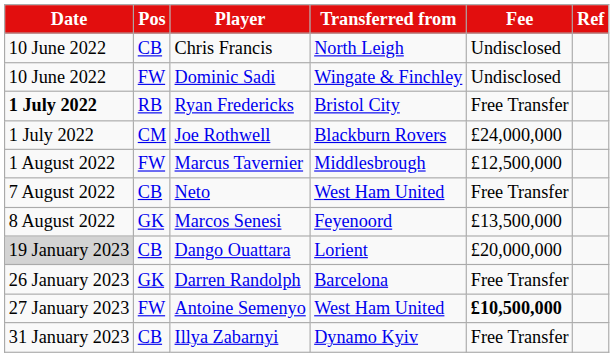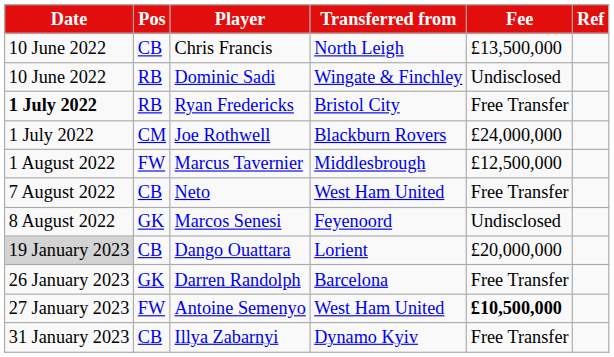 <table class="wikitable plainrowheaders sortable">
 <tr>
 <th style="background:#e20e0e; color:#ffffff; ">Date</th>
 <th style="background:#e20e0e; color:#ffffff; ">Pos</th>
 <th style="background:#e20e0e; color:#ffffff; ">Player</th>
 <th style="background:#e20e0e; color:#ffffff; ">Transferred from</th>
 <th style="background:#e20e0e; color:#ffffff; ">Fee</th>
 <th style="background:#e20e0e; color:#ffffff; ">Ref</th>
 </tr>
 <tr>
 <td>10 June 2022</td>
 <td><a href='#'>CB</a></td>
 <td> Chris Francis</td>
 <td> <a href='#'>North Leigh</a></td>
-<td>Undisclosed</td>
+<td>£13,500,000</td>
 <td></td>
 </tr>
 <tr>
 <td>10 June 2022</td>
-<td><a href='#'>FW</a></td>
+<td><a href='#'>RB</a></td>
 <td> <a href='#'>Dominic Sadi</a></td>
 <td> <a href='#'>Wingate & Finchley</a></td>
 <td>Undisclosed</td>
 <td></td>
 </tr>
 <tr>
 <td><strong>1 July 2022</strong></td>
 <td><a href='#'>RB</a></td>
 <td> <a href='#'>Ryan Fredericks</a></td>
 <td> <a href='#'>Bristol City</a></td>
 <td>Free Transfer</td>
 <td></td>
 </tr>
 <tr>
 <td>1 July 2022</td>
 <td><a href='#'>CM</a></td>
 <td> <a href='#'>Joe Rothwell</a></td>
 <td> <a href='#'>Blackburn Rovers</a></td>
 <td>£24,000,000</td>
 <td></td>
 </tr>
 <tr>
 <td>1 August 2022</td>
 <td><a href='#'>FW</a></td>
 <td> <a href='#'>Marcus Tavernier</a></td>
 <td> <a href='#'>Middlesbrough</a></td>
 <td>£12,500,000</td>
 <td></td>
 </tr>
 <tr>
 <td>7 August 2022</td>
 <td><a href='#'>CB</a></td>
 <td> <a href='#'>Neto</a></td>
 <td> <a href='#'>West Ham United</a></td>
 <td>Free Transfer</td>
 <td></td>
 </tr>
 <tr>
 <td>8 August 2022</td>
 <td><a href='#'>GK</a></td>
 <td> <a href='#'>Marcos Senesi</a></td>
 <td> <a href='#'>Feyenoord</a></td>
-<td>£13,500,000</td>
+<td>Undisclosed</td>
 <td></td>
 </tr>
 <tr>
 <td style="background: lightgrey;">19 January 2023</td>
 <td><a href='#'>CB</a></td>
 <td> <a href='#'>Dango Ouattara</a></td>
 <td> <a href='#'>Lorient</a></td>
 <td>£20,000,000</td>
 <td></td>
 </tr>
 <tr>
 <td>26 January 2023</td>
 <td><a href='#'>GK</a></td>
 <td> <a href='#'>Darren Randolph</a></td>
 <td> <a href='#'>Barcelona</a></td>
 <td>Free Transfer</td>
 <td></td>
 </tr>
 <tr>
 <td>27 January 2023</td>
 <td><a href='#'>FW</a></td>
 <td> <a href='#'>Antoine Semenyo</a></td>
 <td> <a href='#'>West Ham United</a></td>
 <td><strong>£10,500,000</strong></td>
 <td></td>
 </tr>
 <tr>
 <td>31 January 2023</td>
 <td><a href='#'>CB</a></td>
 <td> <a href='#'>Illya Zabarnyi</a></td>
 <td> <a href='#'>Dynamo Kyiv</a></td>
 <td>Free Transfer</td>
 <td></td>
 </tr>
 </table>
